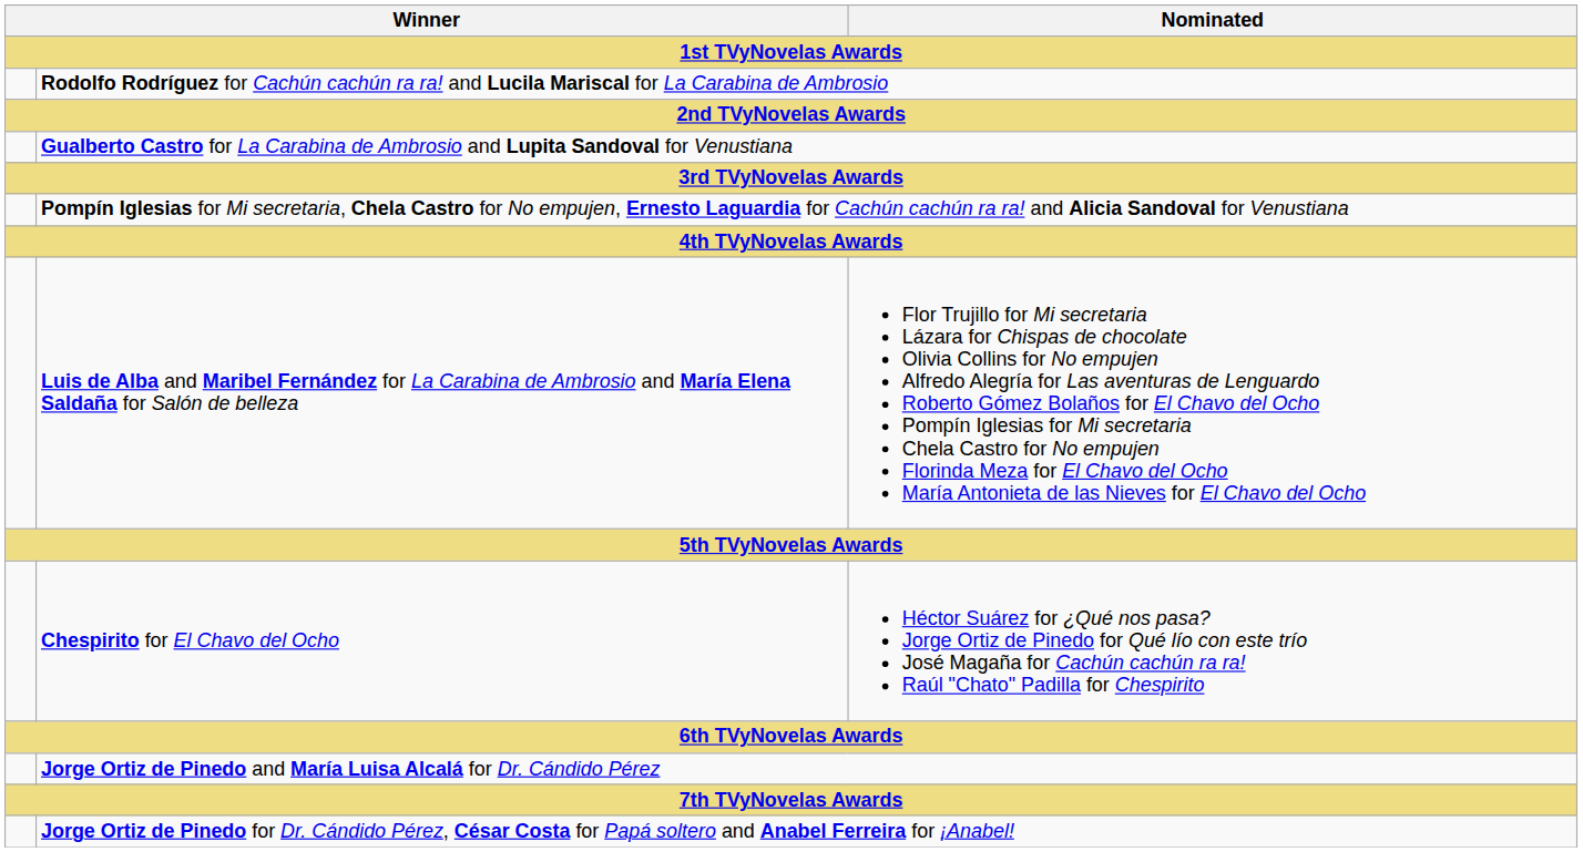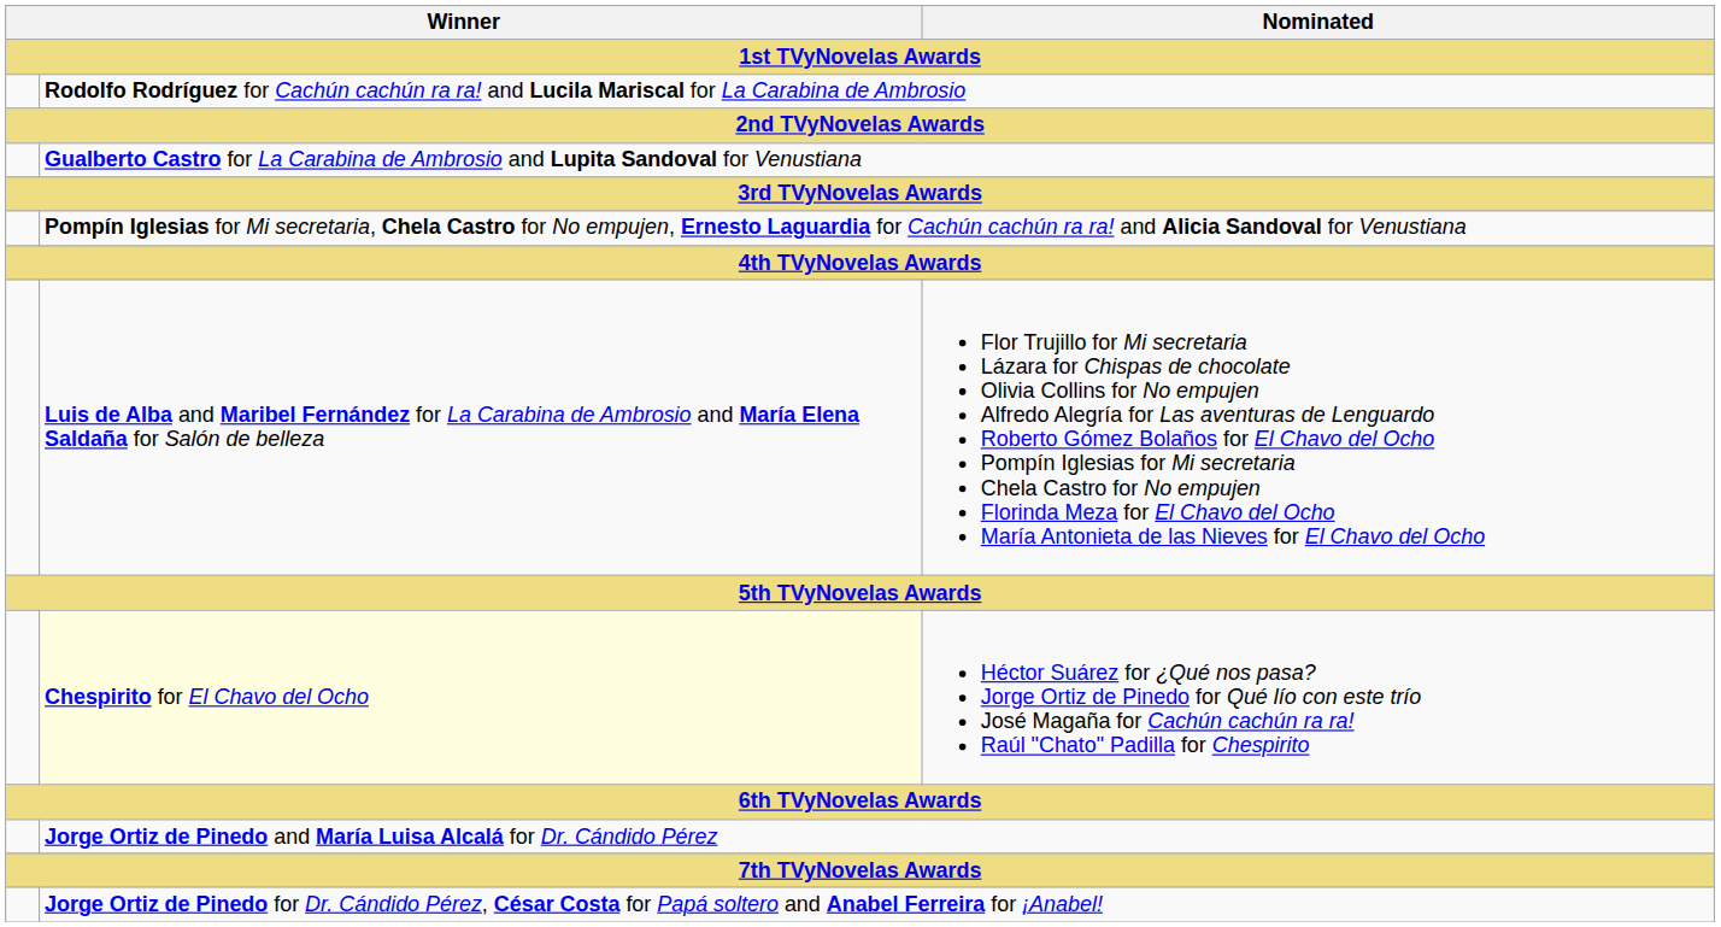 <table class="wikitable" width=80%>
 <tr align=center>
 <th width="150px;" colspan=2; align="center">Winner</th>
 <th width="580px;" align="center">Nominated</th>
 </tr>
 <tr>
 <th colspan=9 style="background:#EEDD82;"  align="center"><strong><a href='#'>1st TVyNovelas Awards</a></strong></th>
 </tr>
 <tr>
 <td width=2%></td>
 <td colspan=2><strong>Rodolfo Rodríguez</strong> for <em><a href='#'>Cachún cachún ra ra!</a></em> and <strong>Lucila Mariscal</strong> for <em><a href='#'>La Carabina de Ambrosio</a></em></td>
 </tr>
 <tr>
 <th colspan=9 style="background:#EEDD82;"  align="center"><strong><a href='#'>2nd TVyNovelas Awards</a></strong></th>
 </tr>
 <tr>
 <td width=2%></td>
 <td colspan=2><strong><a href='#'>Gualberto Castro</a></strong> for <em><a href='#'>La Carabina de Ambrosio</a></em> and <strong>Lupita Sandoval</strong> for <em>Venustiana</em></td>
 </tr>
 <tr>
 <th colspan=9 style="background:#EEDD82;"  align="center"><strong><a href='#'>3rd TVyNovelas Awards</a></strong></th>
 </tr>
 <tr>
 <td width=2%></td>
 <td colspan=2><strong>Pompín Iglesias</strong> for <em>Mi secretaria</em>, <strong>Chela Castro</strong> for <em>No empujen</em>, <strong><a href='#'>Ernesto Laguardia</a></strong> for <em><a href='#'>Cachún cachún ra ra!</a></em> and <strong>Alicia Sandoval</strong> for <em>Venustiana</em></td>
 </tr>
 <tr>
 <th colspan=9 style="background:#EEDD82;"  align="center"><strong><a href='#'>4th TVyNovelas Awards</a></strong></th>
 </tr>
 <tr>
 <td width=2%></td>
 <td><strong><a href='#'>Luis de Alba</a></strong> and <strong><a href='#'>Maribel Fernández</a></strong> for <em><a href='#'>La Carabina de Ambrosio</a></em> and <strong><a href='#'>María Elena Saldaña</a></strong> for <em>Salón de belleza</em></td>
 <td><br><ul><li>Flor Trujillo for <em>Mi secretaria</em></li><li>Lázara for <em>Chispas de chocolate</em></li><li>Olivia Collins for <em>No empujen</em></li><li>Alfredo Alegría for <em>Las aventuras de Lenguardo</em></li><li><a href='#'>Roberto Gómez Bolaños</a> for <em><a href='#'>El Chavo del Ocho</a></em></li><li>Pompín Iglesias for <em>Mi secretaria</em></li><li>Chela Castro for <em>No empujen</em></li><li><a href='#'>Florinda Meza</a> for <em><a href='#'>El Chavo del Ocho</a></em></li><li><a href='#'>María Antonieta de las Nieves</a> for <em><a href='#'>El Chavo del Ocho</a></em></li></ul></td>
 </tr>
 <tr>
 <th colspan=9 style="background:#EEDD82;"  align="center"><strong><a href='#'>5th TVyNovelas Awards</a></strong></th>
 </tr>
 <tr>
 <td width=2%></td>
-<td><strong><a href='#'>Chespirito</a></strong> for <em><a href='#'>El Chavo del Ocho</a></em></td>
+<td style="background: lightyellow;"><strong><a href='#'>Chespirito</a></strong> for <em><a href='#'>El Chavo del Ocho</a></em></td>
 <td><br><ul><li><a href='#'>Héctor Suárez</a> for <em>¿Qué nos pasa?</em></li><li><a href='#'>Jorge Ortiz de Pinedo</a> for <em>Qué lío con este trío</em></li><li>José Magaña for <em><a href='#'>Cachún cachún ra ra!</a></em></li><li><a href='#'>Raúl "Chato" Padilla</a> for <em><a href='#'>Chespirito</a></em></li></ul></td>
 </tr>
 <tr>
 <th colspan=9 style="background:#EEDD82;"  align="center"><strong><a href='#'>6th TVyNovelas Awards</a></strong></th>
 </tr>
 <tr>
 <td width=2%></td>
 <td colspan=2><strong><a href='#'>Jorge Ortiz de Pinedo</a></strong> and <strong><a href='#'>María Luisa Alcalá</a></strong> for <em><a href='#'>Dr. Cándido Pérez</a></em></td>
 </tr>
 <tr>
 <th colspan=9 style="background:#EEDD82;"  align="center"><strong><a href='#'>7th TVyNovelas Awards</a></strong></th>
 </tr>
 <tr>
 <td width=2%></td>
 <td colspan=2><strong><a href='#'>Jorge Ortiz de Pinedo</a></strong> for <em><a href='#'>Dr. Cándido Pérez</a></em>, <strong><a href='#'>César Costa</a></strong> for <em><a href='#'>Papá soltero</a></em> and <strong><a href='#'>Anabel Ferreira</a></strong> for <em><a href='#'>¡Anabel!</a></em></td>
 </tr>
 </table>
